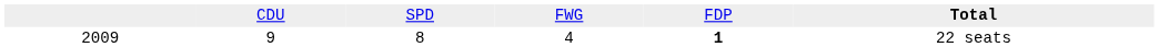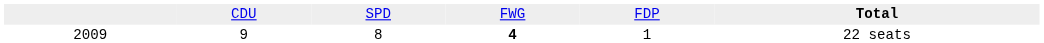 <table border="0" cellpadding="2" cellspacing="0" width="60%">
 <tr bgcolor="#eeeeee" align="center">
 <td></td>
 <td><a href='#'>CDU</a></td>
 <td><a href='#'>SPD</a></td>
 <td><a href='#'>FWG</a></td>
 <td><a href='#'>FDP</a></td>
 <td><strong>Total</strong></td>
 </tr>
 <tr align="center">
 <td>2009</td>
 <td>9</td>
 <td>8</td>
-<td>4</td>
-<td><strong>1</strong></td>
+<td><strong>4</strong></td>
+<td>1</td>
 <td>22 seats</td>
 </tr>
 </table>
